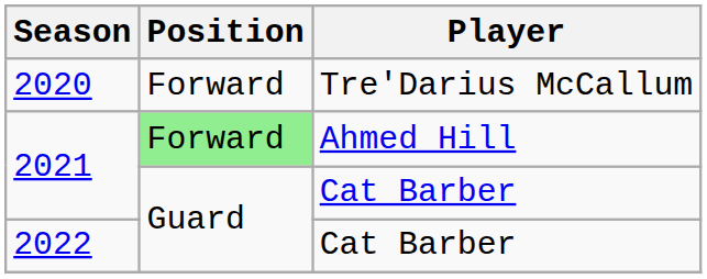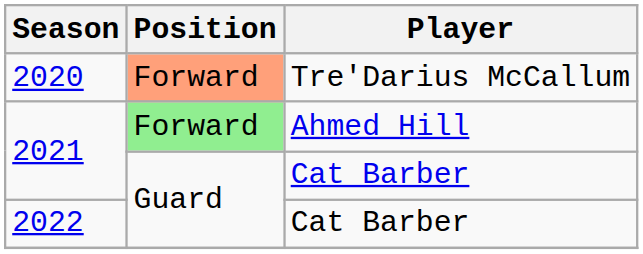 <table class="wikitable">
 <tr>
 <th>Season</th>
 <th>Position</th>
 <th>Player</th>
 </tr>
 <tr>
 <td><a href='#'>2020</a></td>
-<td>Forward</td>
+<td style="background: lightsalmon;">Forward</td>
 <td>Tre'Darius McCallum</td>
 </tr>
 <tr>
 <td rowspan="2"><a href='#'>2021</a></td>
 <td style="background: lightgreen;">Forward</td>
 <td><a href='#'>Ahmed Hill</a></td>
 </tr>
 <tr>
 <td rowspan="2">Guard</td>
 <td><a href='#'>Cat Barber</a></td>
 </tr>
 <tr>
 <td><a href='#'>2022</a></td>
 <td>Cat Barber</td>
 </tr>
 <tr>
 </tr>
 </table>
